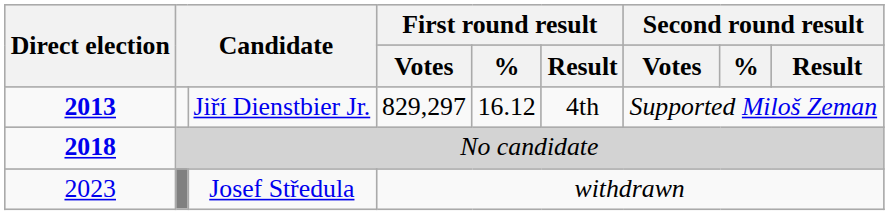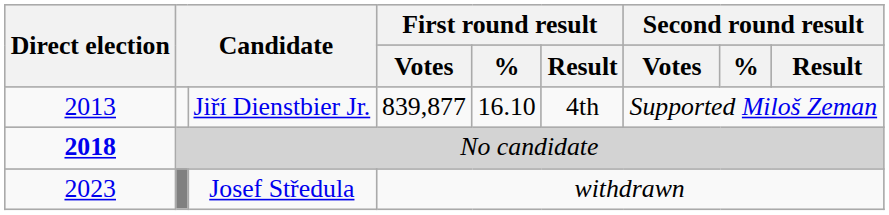 <table class="wikitable" style=text-align:center>
 <tr>
 <th rowspan="2">Direct election</th>
 <th rowspan="2" colspan=2>Candidate</th>
 <th colspan=3>First round result</th>
 <th colspan=3>Second round result</th>
 </tr>
 <tr>
 <th>Votes</th>
 <th>%</th>
 <th>Result</th>
 <th>Votes</th>
 <th>%</th>
 <th>Result</th>
 </tr>
 <tr>
-<td><strong><a href='#'>2013</a></strong></td>
+<td><a href='#'>2013</a></td>
 <td style="background-color: "></td>
 <td><a href='#'>Jiří Dienstbier Jr.</a></td>
-<td>829,297</td>
-<td>16.12</td>
+<td>839,877</td>
+<td>16.10</td>
 <td>4th</td>
 <td colspan=3 align=center><em>Supported <a href='#'>Miloš Zeman</a></em></td>
 </tr>
 <tr>
 <td><strong><a href='#'>2018</a></strong></td>
 <td colspan=8 align=center style="background-color:lightgrey;"><em>No candidate</em></td>
 </tr>
 <tr>
 <td><a href='#'>2023</a></td>
 <td bgcolor="grey"></td>
 <td><a href='#'>Josef Středula</a></td>
 <td colspan=6 align=center><em>withdrawn</em></td>
 </tr>
 </table>
